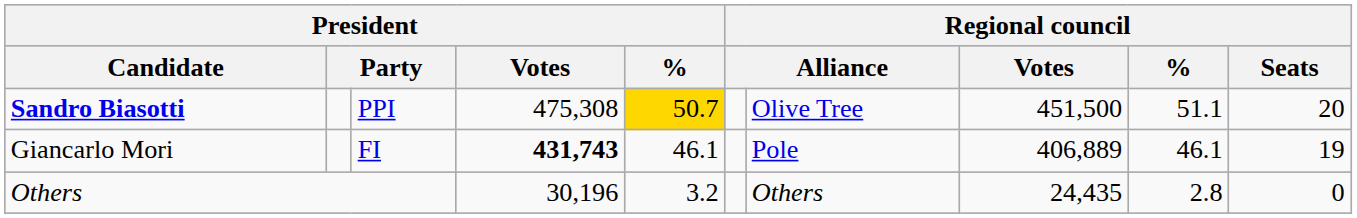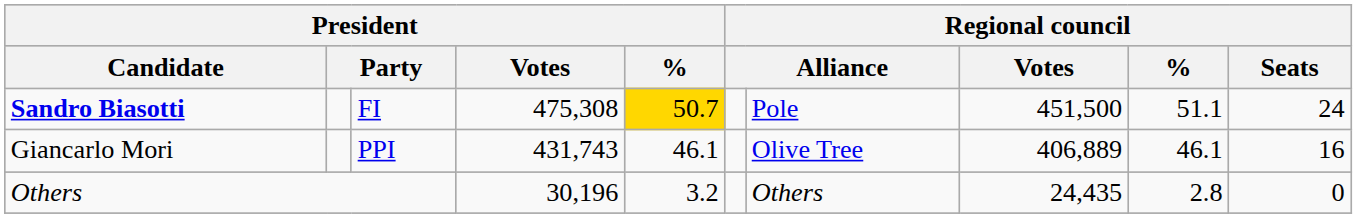 <table class="wikitable" style="text-align:right; style="width=65%">
 <tr>
 <th colspan="5">President</th>
 <th colspan="7">Regional council</th>
 </tr>
 <tr>
 <th>Candidate</th>
 <th colspan="2">Party</th>
 <th>Votes</th>
 <th>%</th>
 <th colspan="2">Alliance</th>
 <th>Votes</th>
 <th>%</th>
 <th>Seats</th>
 </tr>
 <tr>
 <td style="text-align:left"><strong><a href='#'>Sandro Biasotti</a></strong></td>
 <td></td>
-<td style="text-align:left"><a href='#'>PPI</a></td>
+<td style="text-align:left"><a href='#'>FI</a></td>
 <td>475,308</td>
 <td style="background: gold;">50.7</td>
 <td></td>
-<td style="text-align:left"><a href='#'>Olive Tree</a></td>
+<td style="text-align:left"><a href='#'>Pole</a></td>
 <td>451,500</td>
 <td>51.1</td>
-<td>20</td>
+<td>24</td>
 </tr>
 <tr>
 <td style="text-align:left">Giancarlo Mori</td>
 <td></td>
-<td style="text-align:left"><a href='#'>FI</a></td>
-<td><strong>431,743</strong></td>
+<td style="text-align:left"><a href='#'>PPI</a></td>
+<td>431,743</td>
 <td>46.1</td>
 <td></td>
-<td style="text-align:left"><a href='#'>Pole</a></td>
+<td style="text-align:left"><a href='#'>Olive Tree</a></td>
 <td>406,889</td>
 <td>46.1</td>
-<td>19</td>
+<td>16</td>
 </tr>
 <tr>
 <td colspan="3" style="text-align:left"><em>Others</em></td>
 <td>30,196</td>
 <td>3.2</td>
 <td></td>
 <td style="text-align:left"><em>Others</em></td>
 <td>24,435</td>
 <td>2.8</td>
 <td>0</td>
 </tr>
 </table>
